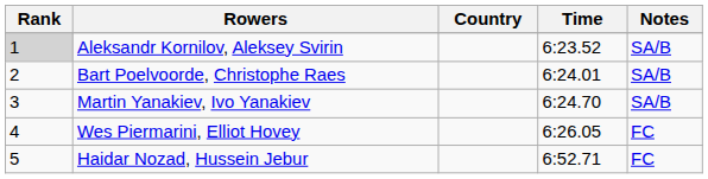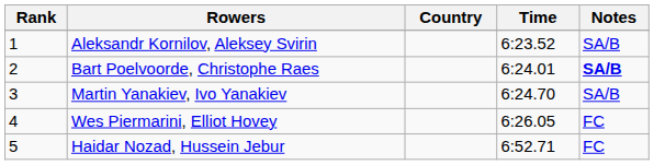 <table class="wikitable" width=50%>
 <tr>
 <th>Rank</th>
 <th>Rowers</th>
 <th>Country</th>
 <th>Time</th>
 <th>Notes</th>
 </tr>
 <tr>
 </tr>
 <tr>
-<td style="background: lightgrey;">1</td>
+<td>1</td>
 <td><a href='#'>Aleksandr Kornilov</a>, <a href='#'>Aleksey Svirin</a></td>
 <td></td>
 <td>6:23.52</td>
 <td><a href='#'>SA/B</a></td>
 </tr>
 <tr>
 <td>2</td>
 <td><a href='#'>Bart Poelvoorde</a>, <a href='#'>Christophe Raes</a></td>
 <td></td>
 <td>6:24.01</td>
-<td><a href='#'>SA/B</a></td>
+<td><strong><a href='#'>SA/B</a></strong></td>
 </tr>
 <tr>
 <td>3</td>
 <td><a href='#'>Martin Yanakiev</a>, <a href='#'>Ivo Yanakiev</a></td>
 <td></td>
 <td>6:24.70</td>
 <td><a href='#'>SA/B</a></td>
 </tr>
 <tr>
 <td>4</td>
 <td><a href='#'>Wes Piermarini</a>, <a href='#'>Elliot Hovey</a></td>
 <td></td>
 <td>6:26.05</td>
 <td><a href='#'>FC</a></td>
 </tr>
 <tr>
 <td>5</td>
 <td><a href='#'>Haidar Nozad</a>, <a href='#'>Hussein Jebur</a></td>
 <td></td>
 <td>6:52.71</td>
 <td><a href='#'>FC</a></td>
 </tr>
 </table>
